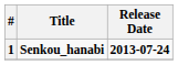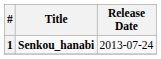 <table class="wikitable">
 <tr>
 <th>#</th>
 <th>Title</th>
 <th>Release<br> Date</th>
 </tr>
 <tr>
 <th>1</th>
 <td><strong>Senkou_hanabi</strong></td>
-<td><strong>2013-07-24</strong></td>
+<td>2013-07-24</td>
 </tr>
 <tr>
 </tr>
 </table>
